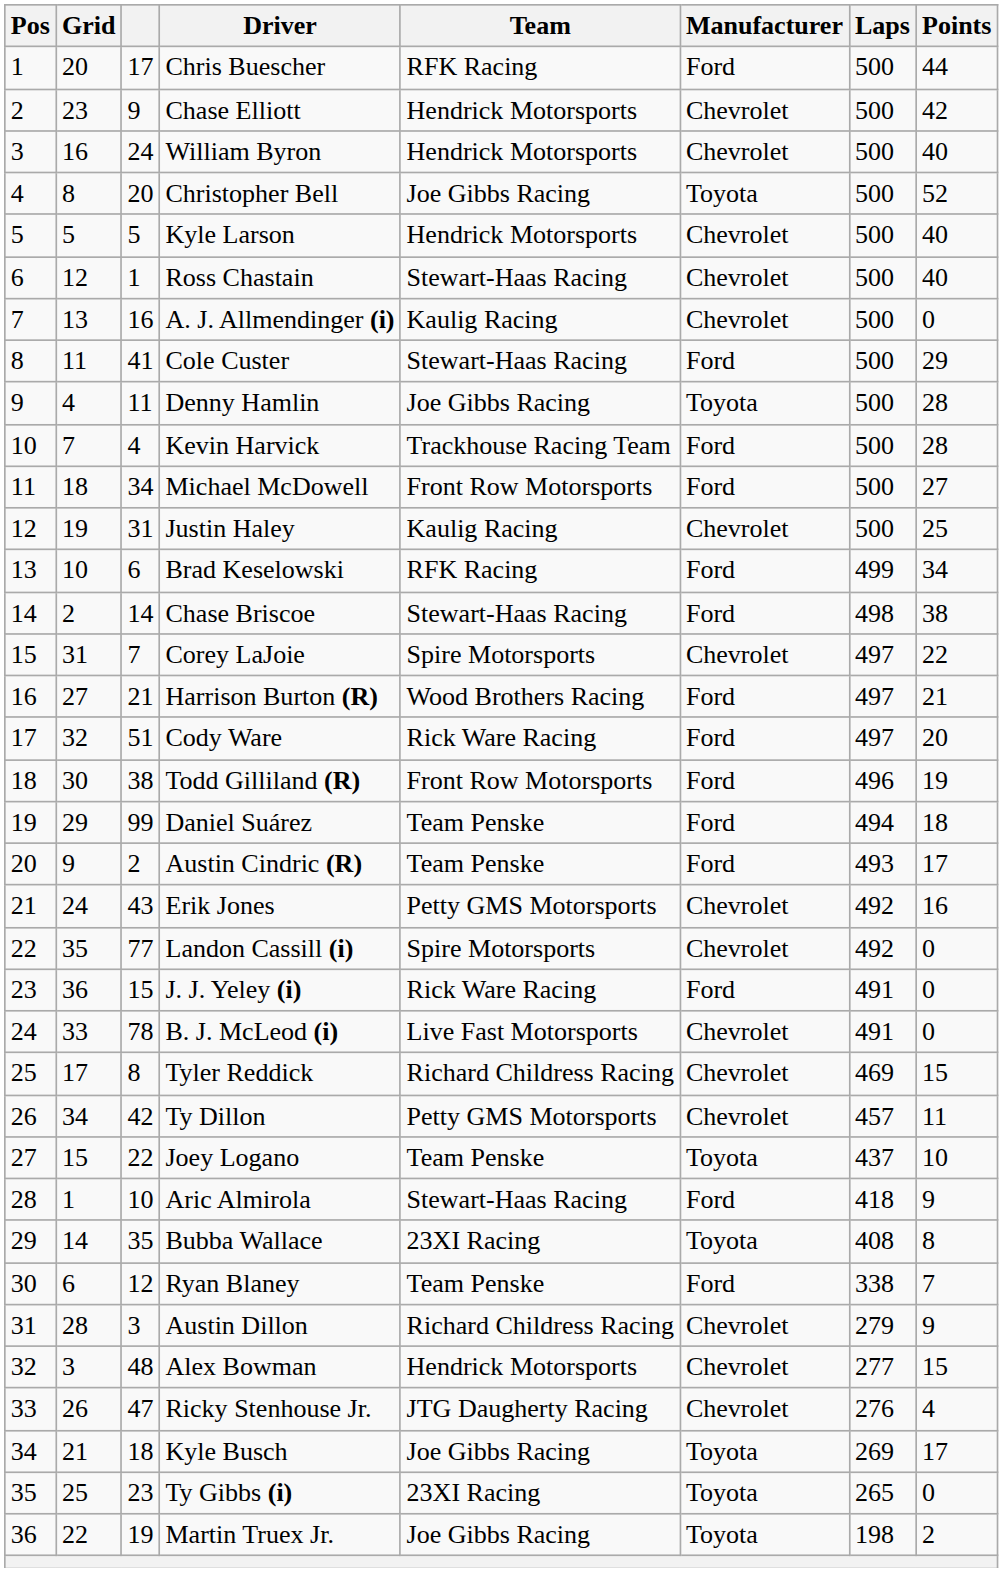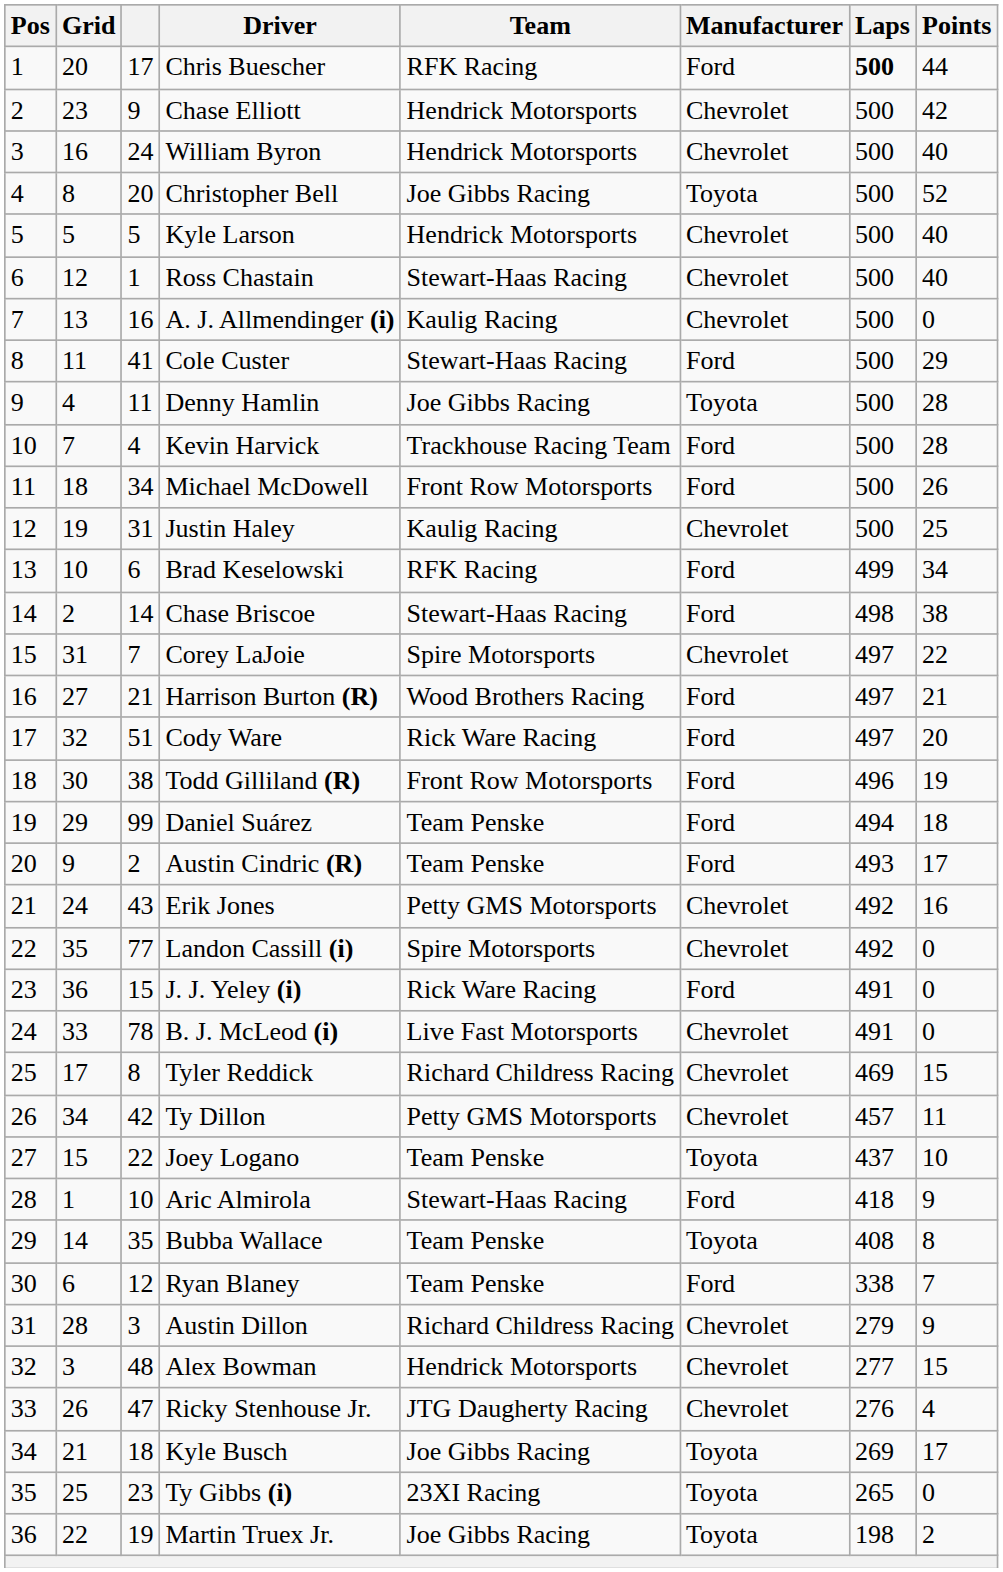 <table class="wikitable" style="font-size:98%">
 <tr>
 <th>Pos</th>
 <th>Grid</th>
 <th></th>
 <th>Driver</th>
 <th>Team</th>
 <th>Manufacturer</th>
 <th>Laps</th>
 <th>Points</th>
 </tr>
 <tr>
 <td>1</td>
 <td>20</td>
 <td>17</td>
 <td>Chris Buescher</td>
 <td>RFK Racing</td>
 <td>Ford</td>
-<td>500</td>
+<td><strong>500</strong></td>
 <td>44</td>
 </tr>
 <tr>
 <td>2</td>
 <td>23</td>
 <td>9</td>
 <td>Chase Elliott</td>
 <td>Hendrick Motorsports</td>
 <td>Chevrolet</td>
 <td>500</td>
 <td>42</td>
 </tr>
 <tr>
 <td>3</td>
 <td>16</td>
 <td>24</td>
 <td>William Byron</td>
 <td>Hendrick Motorsports</td>
 <td>Chevrolet</td>
 <td>500</td>
 <td>40</td>
 </tr>
 <tr>
 <td>4</td>
 <td>8</td>
 <td>20</td>
 <td>Christopher Bell</td>
 <td>Joe Gibbs Racing</td>
 <td>Toyota</td>
 <td>500</td>
 <td>52</td>
 </tr>
 <tr>
 <td>5</td>
 <td>5</td>
 <td>5</td>
 <td>Kyle Larson</td>
 <td>Hendrick Motorsports</td>
 <td>Chevrolet</td>
 <td>500</td>
 <td>40</td>
 </tr>
 <tr>
 <td>6</td>
 <td>12</td>
 <td>1</td>
 <td>Ross Chastain</td>
 <td>Stewart-Haas Racing</td>
 <td>Chevrolet</td>
 <td>500</td>
 <td>40</td>
 </tr>
 <tr>
 <td>7</td>
 <td>13</td>
 <td>16</td>
 <td>A. J. Allmendinger <strong>(i)</strong></td>
 <td>Kaulig Racing</td>
 <td>Chevrolet</td>
 <td>500</td>
 <td>0</td>
 </tr>
 <tr>
 <td>8</td>
 <td>11</td>
 <td>41</td>
 <td>Cole Custer</td>
 <td>Stewart-Haas Racing</td>
 <td>Ford</td>
 <td>500</td>
 <td>29</td>
 </tr>
 <tr>
 <td>9</td>
 <td>4</td>
 <td>11</td>
 <td>Denny Hamlin</td>
 <td>Joe Gibbs Racing</td>
 <td>Toyota</td>
 <td>500</td>
 <td>28</td>
 </tr>
 <tr>
 <td>10</td>
 <td>7</td>
 <td>4</td>
 <td>Kevin Harvick</td>
 <td>Trackhouse Racing Team</td>
 <td>Ford</td>
 <td>500</td>
 <td>28</td>
 </tr>
 <tr>
 <td>11</td>
 <td>18</td>
 <td>34</td>
 <td>Michael McDowell</td>
 <td>Front Row Motorsports</td>
 <td>Ford</td>
 <td>500</td>
-<td>27</td>
+<td>26</td>
 </tr>
 <tr>
 <td>12</td>
 <td>19</td>
 <td>31</td>
 <td>Justin Haley</td>
 <td>Kaulig Racing</td>
 <td>Chevrolet</td>
 <td>500</td>
 <td>25</td>
 </tr>
 <tr>
 <td>13</td>
 <td>10</td>
 <td>6</td>
 <td>Brad Keselowski</td>
 <td>RFK Racing</td>
 <td>Ford</td>
 <td>499</td>
 <td>34</td>
 </tr>
 <tr>
 <td>14</td>
 <td>2</td>
 <td>14</td>
 <td>Chase Briscoe</td>
 <td>Stewart-Haas Racing</td>
 <td>Ford</td>
 <td>498</td>
 <td>38</td>
 </tr>
 <tr>
 <td>15</td>
 <td>31</td>
 <td>7</td>
 <td>Corey LaJoie</td>
 <td>Spire Motorsports</td>
 <td>Chevrolet</td>
 <td>497</td>
 <td>22</td>
 </tr>
 <tr>
 <td>16</td>
 <td>27</td>
 <td>21</td>
 <td>Harrison Burton <strong>(R)</strong></td>
 <td>Wood Brothers Racing</td>
 <td>Ford</td>
 <td>497</td>
 <td>21</td>
 </tr>
 <tr>
 <td>17</td>
 <td>32</td>
 <td>51</td>
 <td>Cody Ware</td>
 <td>Rick Ware Racing</td>
 <td>Ford</td>
 <td>497</td>
 <td>20</td>
 </tr>
 <tr>
 <td>18</td>
 <td>30</td>
 <td>38</td>
 <td>Todd Gilliland <strong>(R)</strong></td>
 <td>Front Row Motorsports</td>
 <td>Ford</td>
 <td>496</td>
 <td>19</td>
 </tr>
 <tr>
 <td>19</td>
 <td>29</td>
 <td>99</td>
 <td>Daniel Suárez</td>
 <td>Team Penske</td>
 <td>Ford</td>
 <td>494</td>
 <td>18</td>
 </tr>
 <tr>
 <td>20</td>
 <td>9</td>
 <td>2</td>
 <td>Austin Cindric <strong>(R)</strong></td>
 <td>Team Penske</td>
 <td>Ford</td>
 <td>493</td>
 <td>17</td>
 </tr>
 <tr>
 <td>21</td>
 <td>24</td>
 <td>43</td>
 <td>Erik Jones</td>
 <td>Petty GMS Motorsports</td>
 <td>Chevrolet</td>
 <td>492</td>
 <td>16</td>
 </tr>
 <tr>
 <td>22</td>
 <td>35</td>
 <td>77</td>
 <td>Landon Cassill <strong>(i)</strong></td>
 <td>Spire Motorsports</td>
 <td>Chevrolet</td>
 <td>492</td>
 <td>0</td>
 </tr>
 <tr>
 <td>23</td>
 <td>36</td>
 <td>15</td>
 <td>J. J. Yeley <strong>(i)</strong></td>
 <td>Rick Ware Racing</td>
 <td>Ford</td>
 <td>491</td>
 <td>0</td>
 </tr>
 <tr>
 <td>24</td>
 <td>33</td>
 <td>78</td>
 <td>B. J. McLeod <strong>(i)</strong></td>
 <td>Live Fast Motorsports</td>
 <td>Chevrolet</td>
 <td>491</td>
 <td>0</td>
 </tr>
 <tr>
 <td>25</td>
 <td>17</td>
 <td>8</td>
 <td>Tyler Reddick</td>
 <td>Richard Childress Racing</td>
 <td>Chevrolet</td>
 <td>469</td>
 <td>15</td>
 </tr>
 <tr>
 <td>26</td>
 <td>34</td>
 <td>42</td>
 <td>Ty Dillon</td>
 <td>Petty GMS Motorsports</td>
 <td>Chevrolet</td>
 <td>457</td>
 <td>11</td>
 </tr>
 <tr>
 <td>27</td>
 <td>15</td>
 <td>22</td>
 <td>Joey Logano</td>
 <td>Team Penske</td>
 <td>Toyota</td>
 <td>437</td>
 <td>10</td>
 </tr>
 <tr>
 <td>28</td>
 <td>1</td>
 <td>10</td>
 <td>Aric Almirola</td>
 <td>Stewart-Haas Racing</td>
 <td>Ford</td>
 <td>418</td>
 <td>9</td>
 </tr>
 <tr>
 <td>29</td>
 <td>14</td>
 <td>35</td>
 <td>Bubba Wallace</td>
-<td>23XI Racing</td>
+<td>Team Penske</td>
 <td>Toyota</td>
 <td>408</td>
 <td>8</td>
 </tr>
 <tr>
 <td>30</td>
 <td>6</td>
 <td>12</td>
 <td>Ryan Blaney</td>
 <td>Team Penske</td>
 <td>Ford</td>
 <td>338</td>
 <td>7</td>
 </tr>
 <tr>
 <td>31</td>
 <td>28</td>
 <td>3</td>
 <td>Austin Dillon</td>
 <td>Richard Childress Racing</td>
 <td>Chevrolet</td>
 <td>279</td>
 <td>9</td>
 </tr>
 <tr>
 <td>32</td>
 <td>3</td>
 <td>48</td>
 <td>Alex Bowman</td>
 <td>Hendrick Motorsports</td>
 <td>Chevrolet</td>
 <td>277</td>
 <td>15</td>
 </tr>
 <tr>
 <td>33</td>
 <td>26</td>
 <td>47</td>
 <td>Ricky Stenhouse Jr.</td>
 <td>JTG Daugherty Racing</td>
 <td>Chevrolet</td>
 <td>276</td>
 <td>4</td>
 </tr>
 <tr>
 <td>34</td>
 <td>21</td>
 <td>18</td>
 <td>Kyle Busch</td>
 <td>Joe Gibbs Racing</td>
 <td>Toyota</td>
 <td>269</td>
 <td>17</td>
 </tr>
 <tr>
 <td>35</td>
 <td>25</td>
 <td>23</td>
 <td>Ty Gibbs <strong>(i)</strong></td>
 <td>23XI Racing</td>
 <td>Toyota</td>
 <td>265</td>
 <td>0</td>
 </tr>
 <tr>
 <td>36</td>
 <td>22</td>
 <td>19</td>
 <td>Martin Truex Jr.</td>
 <td>Joe Gibbs Racing</td>
 <td>Toyota</td>
 <td>198</td>
 <td>2</td>
 </tr>
 <tr>
 <th colspan="8"></th>
 </tr>
 </table>
